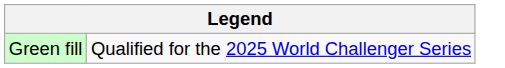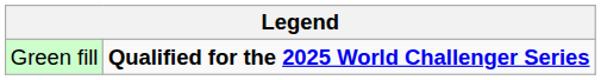 <table class="wikitable">
 <tr>
 <th colspan=2>Legend</th>
 </tr>
 <tr>
 <td bgcolor="ccffcc">Green fill</td>
-<td>Qualified for the <a href='#'>2025 World Challenger Series</a></td>
+<td><strong>Qualified for the <a href='#'>2025 World Challenger Series</a></strong></td>
 </tr>
 </table>
